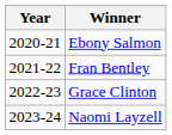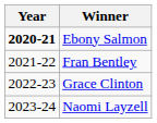 <table class="wikitable">
 <tr>
 <th>Year</th>
 <th>Winner</th>
 </tr>
 <tr>
-<td>2020-21</td>
+<td><strong>2020-21</strong></td>
 <td>  <a href='#'>Ebony Salmon</a></td>
 </tr>
 <tr>
 <td>2021-22</td>
 <td>  <a href='#'>Fran Bentley</a></td>
 </tr>
 <tr>
 <td>2022-23</td>
 <td>  <a href='#'>Grace Clinton</a></td>
 </tr>
 <tr>
 <td>2023-24</td>
 <td>  <a href='#'>Naomi Layzell</a></td>
 </tr>
 </table>
